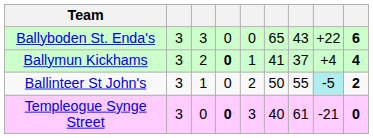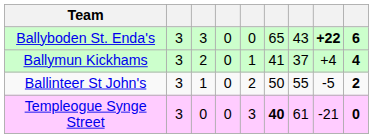 <table class="wikitable" style="text-align:center">
 <tr>
 <th style="width:175px;">Team</th>
 <th width="20"></th>
 <th width="20"></th>
 <th width="20"></th>
 <th width="20"></th>
 <th width="20"></th>
 <th width="20"></th>
 <th width="20"></th>
 <th width="20"></th>
 </tr>
 <tr style="background:#cfc;">
 <td><a href='#'>Ballyboden St. Enda's</a></td>
 <td>3</td>
 <td>3</td>
 <td>0</td>
 <td>0</td>
 <td>65</td>
 <td>43</td>
-<td>+22</td>
+<td><strong>+22</strong></td>
 <td><strong>6</strong></td>
 </tr>
 <tr style="background:#cfc;">
 <td><a href='#'>Ballymun Kickhams</a></td>
 <td>3</td>
 <td>2</td>
-<td><strong>0</strong></td>
+<td>0</td>
 <td>1</td>
 <td>41</td>
 <td>37</td>
 <td>+4</td>
 <td><strong>4</strong></td>
 </tr>
 <tr>
 <td><a href='#'>Ballinteer St John's</a></td>
 <td>3</td>
 <td>1</td>
 <td>0</td>
 <td>2</td>
 <td>50</td>
 <td>55</td>
-<td style="background: paleturquoise;">-5</td>
+<td>-5</td>
 <td><strong>2</strong></td>
 </tr>
 <tr style="background:#fcf;">
 <td><a href='#'>Templeogue Synge Street</a></td>
 <td>3</td>
 <td>0</td>
-<td><strong>0</strong></td>
+<td>0</td>
 <td>3</td>
-<td>40</td>
+<td><strong>40</strong></td>
 <td>61</td>
 <td>-21</td>
 <td><strong>0</strong></td>
 </tr>
 </table>
